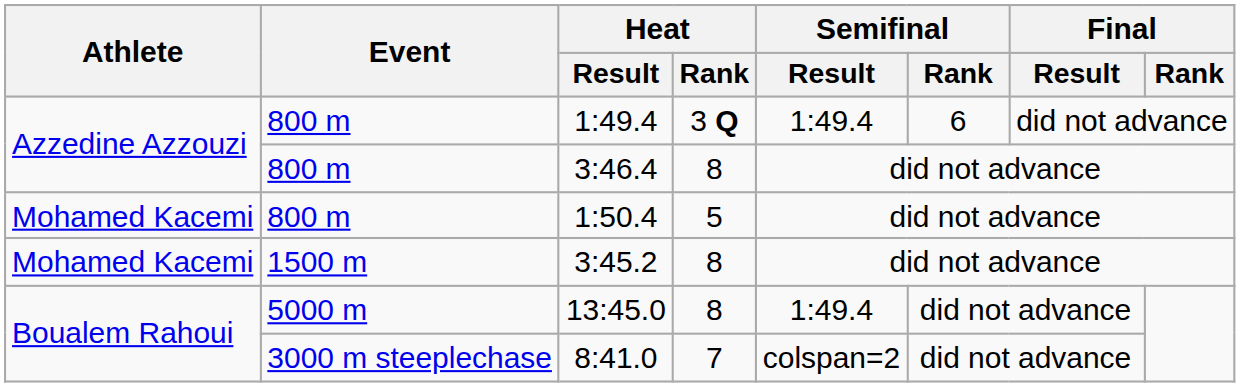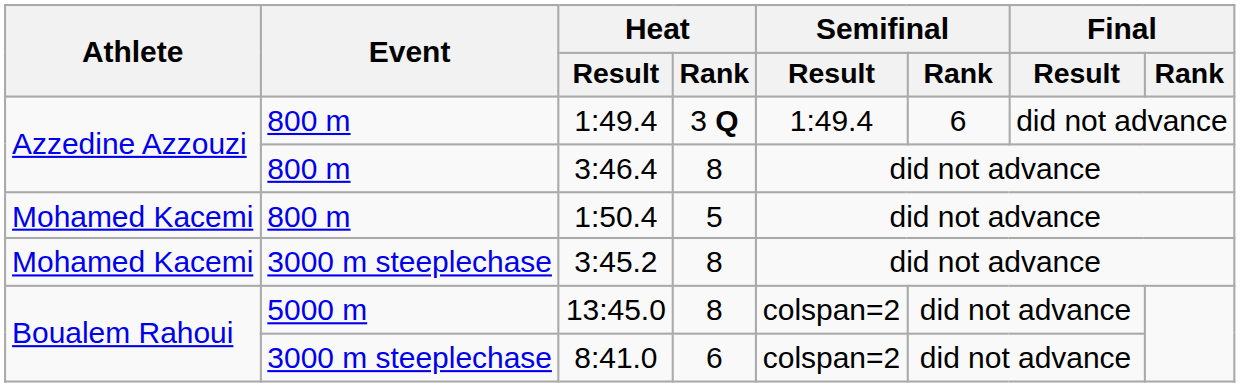 <table class="wikitable" style="font-size:90%">
 <tr>
 <th rowspan=2>Athlete</th>
 <th rowspan=2>Event</th>
 <th colspan=2>Heat</th>
 <th colspan=2>Semifinal</th>
 <th colspan=2>Final</th>
 </tr>
 <tr style="font-size:95%">
 <th>Result</th>
 <th>Rank</th>
 <th>Result</th>
 <th>Rank</th>
 <th>Result</th>
 <th>Rank</th>
 </tr>
 <tr align=center>
 <td align=left rowspan=2><a href='#'>Azzedine Azzouzi</a></td>
 <td align=left><a href='#'>800 m</a></td>
 <td>1:49.4</td>
 <td>3 <strong>Q</strong></td>
 <td>1:49.4</td>
 <td>6</td>
 <td colspan=2>did not advance</td>
 </tr>
 <tr align=center>
 <td align=left><a href='#'>800 m</a></td>
 <td>3:46.4</td>
 <td>8</td>
 <td colspan=4>did not advance</td>
 </tr>
 <tr align=center>
 <td align=left><a href='#'>Mohamed Kacemi</a></td>
 <td align=left><a href='#'>800 m</a></td>
 <td>1:50.4</td>
 <td>5</td>
 <td colspan=4>did not advance</td>
 </tr>
 <tr align=center>
 <td align=left><a href='#'>Mohamed Kacemi</a></td>
-<td align=left><a href='#'>1500 m</a></td>
+<td align=left><a href='#'>3000 m steeplechase</a></td>
 <td>3:45.2</td>
 <td>8</td>
 <td colspan=4>did not advance</td>
 </tr>
 <tr align=center>
 <td align=left rowspan=2><a href='#'>Boualem Rahoui</a></td>
 <td align=left><a href='#'>5000 m</a></td>
 <td>13:45.0</td>
 <td>8</td>
-<td>1:49.4</td>
+<td>colspan=2 </td>
 <td colspan=2>did not advance</td>
 </tr>
 <tr align=center>
 <td align=left><a href='#'>3000 m steeplechase</a></td>
 <td>8:41.0</td>
-<td>7</td>
+<td>6</td>
 <td>colspan=2 </td>
 <td colspan=2>did not advance</td>
 </tr>
 </table>
